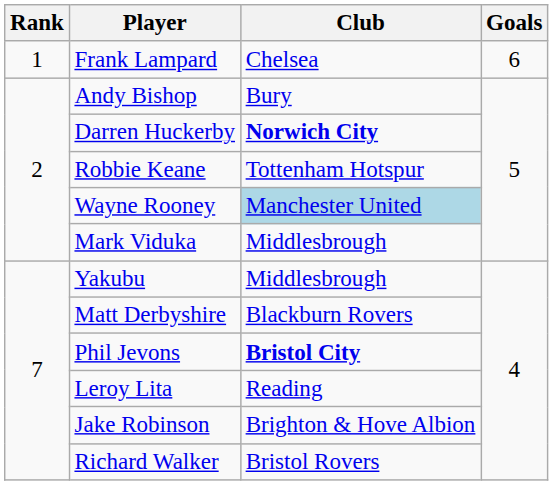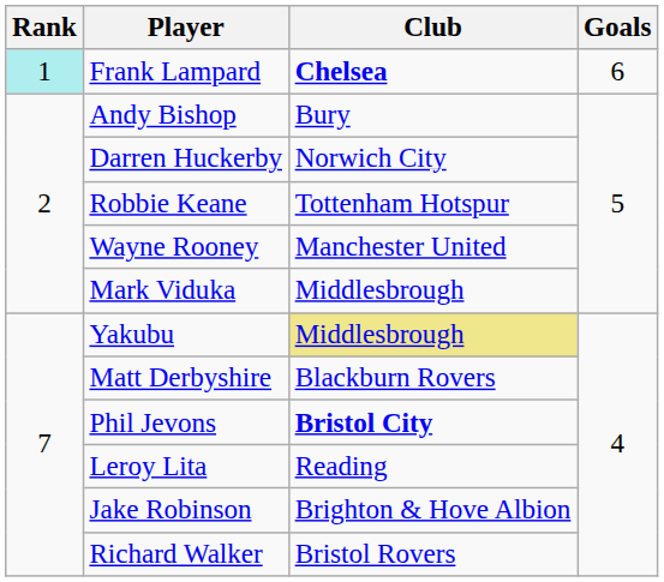 <table class="wikitable sortable" style="text-align:center">
 <tr>
 <th>Rank</th>
 <th>Player</th>
 <th>Club</th>
 <th>Goals</th>
 </tr>
 <tr>
-<td>1</td>
+<td style="background: paleturquoise;">1</td>
 <td align="left"> <a href='#'>Frank Lampard</a></td>
-<td align="left"><a href='#'>Chelsea</a></td>
+<td align="left"><strong><a href='#'>Chelsea</a></strong></td>
 <td>6</td>
 </tr>
 <tr>
 <td rowspan="5">2</td>
 <td align="left"> <a href='#'>Andy Bishop</a></td>
 <td align="left"><a href='#'>Bury</a></td>
 <td rowspan="5">5</td>
 </tr>
 <tr>
 <td align="left"> <a href='#'>Darren Huckerby</a></td>
-<td align="left"><strong><a href='#'>Norwich City</a></strong></td>
+<td align="left"><a href='#'>Norwich City</a></td>
 </tr>
 <tr>
 <td align="left"> <a href='#'>Robbie Keane</a></td>
 <td align="left"><a href='#'>Tottenham Hotspur</a></td>
 </tr>
 <tr>
 <td align="left"> <a href='#'>Wayne Rooney</a></td>
-<td align="left" style="background: lightblue;"><a href='#'>Manchester United</a></td>
+<td align="left"><a href='#'>Manchester United</a></td>
 </tr>
 <tr>
 <td align="left"> <a href='#'>Mark Viduka</a></td>
 <td align="left"><a href='#'>Middlesbrough</a></td>
 </tr>
 <tr>
 <td rowspan="6">7</td>
 <td align="left"> <a href='#'>Yakubu</a></td>
-<td align="left"><a href='#'>Middlesbrough</a></td>
+<td align="left" style="background: khaki;"><a href='#'>Middlesbrough</a></td>
 <td rowspan="6">4</td>
 </tr>
 <tr>
 <td align="left"> <a href='#'>Matt Derbyshire</a></td>
 <td align="left"><a href='#'>Blackburn Rovers</a></td>
 </tr>
 <tr>
 <td align="left"> <a href='#'>Phil Jevons</a></td>
 <td align="left"><strong><a href='#'>Bristol City</a></strong></td>
 </tr>
 <tr>
 <td align="left"> <a href='#'>Leroy Lita</a></td>
 <td align="left"><a href='#'>Reading</a></td>
 </tr>
 <tr>
 <td align="left"> <a href='#'>Jake Robinson</a></td>
 <td align="left"><a href='#'>Brighton & Hove Albion</a></td>
 </tr>
 <tr>
 <td align="left"> <a href='#'>Richard Walker</a></td>
 <td align="left"><a href='#'>Bristol Rovers</a></td>
 </tr>
 </table>
